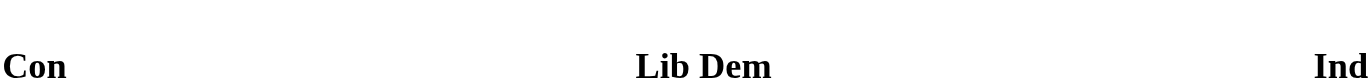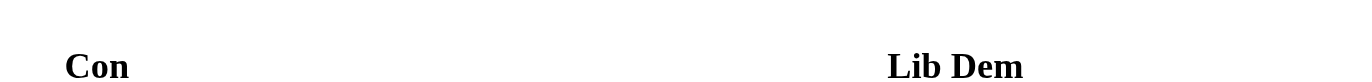 <table style="width:60%; text-align:center;">
 <tr style="color:white;">
 <td style="background:"><strong>28</strong></td>
 <td style="background:"><strong>13</strong></td>
-<td style="background:"><strong>2</strong></td>
 </tr>
 <tr>
 <td><span><strong>Con</strong></span></td>
 <td><span><strong>Lib Dem</strong></span></td>
-<td><span><strong>Ind</strong></span></td>
 </tr>
 </table>
